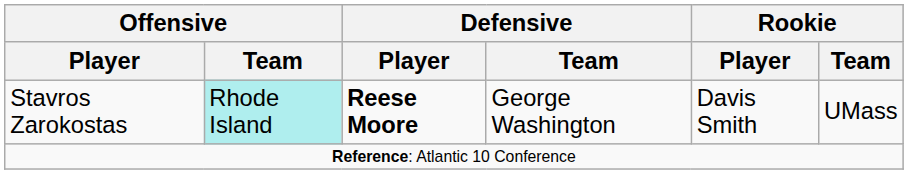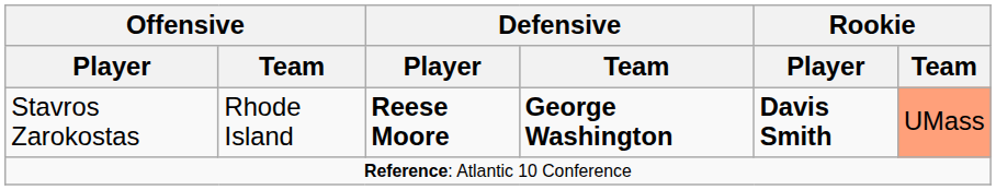 <table class="wikitable">
 <tr>
 <th colspan="2">Offensive</th>
 <th colspan="2">Defensive</th>
 <th colspan="2">Rookie</th>
 </tr>
 <tr>
 <th>Player</th>
 <th>Team</th>
 <th>Player</th>
 <th>Team</th>
 <th>Player</th>
 <th>Team</th>
 </tr>
 <tr>
 <td>Stavros Zarokostas</td>
-<td style="background: paleturquoise;">Rhode Island</td>
+<td>Rhode Island</td>
 <td><strong>Reese Moore</strong></td>
-<td>George Washington</td>
-<td>Davis Smith</td>
-<td>UMass</td>
+<td><strong>George Washington</strong></td>
+<td><strong>Davis Smith</strong></td>
+<td style="background: lightsalmon;">UMass</td>
 </tr>
 <tr>
 <td colspan="12"  style="font-size:8pt; text-align:center;"><strong>Reference</strong>: Atlantic 10 Conference</td>
 </tr>
 </table>
